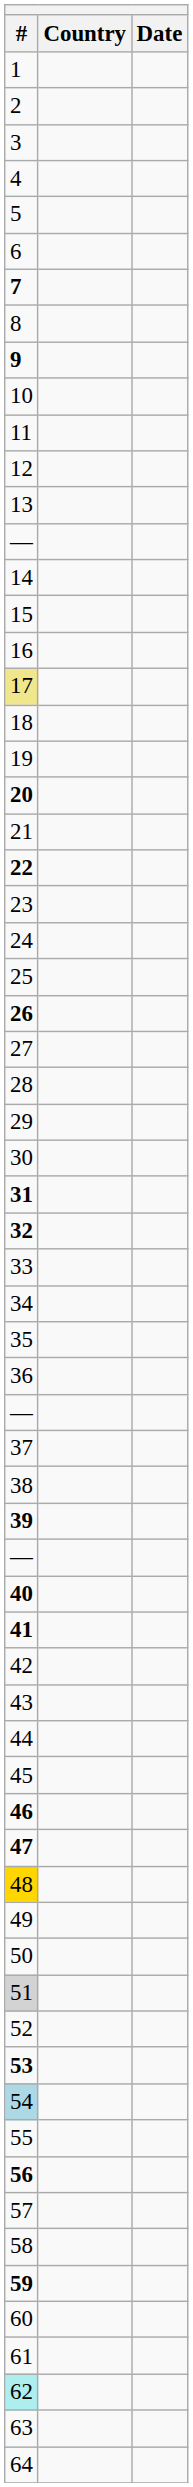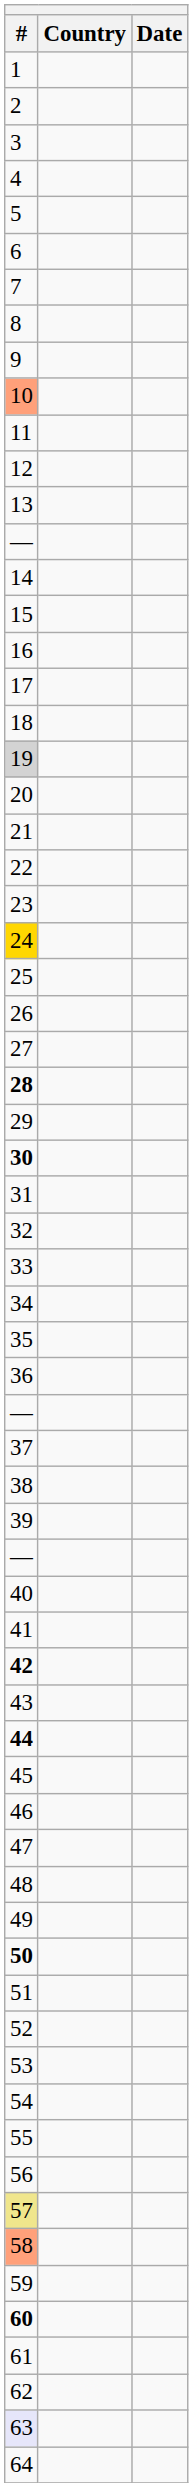 <table class="wikitable sortable">
 <tr>
 <th colspan="3"></th>
 </tr>
 <tr>
 <th>#</th>
 <th>Country</th>
 <th>Date</th>
 </tr>
 <tr>
 <td>1</td>
 <td></td>
 <td></td>
 </tr>
 <tr>
 <td>2</td>
 <td></td>
 <td></td>
 </tr>
 <tr>
 <td>3</td>
 <td></td>
 <td></td>
 </tr>
 <tr>
 <td>4</td>
 <td></td>
 <td></td>
 </tr>
 <tr>
 <td>5</td>
 <td></td>
 <td></td>
 </tr>
 <tr>
 <td>6</td>
 <td></td>
 <td></td>
 </tr>
 <tr>
-<td><strong>7</strong></td>
+<td>7</td>
 <td></td>
 <td></td>
 </tr>
 <tr>
 <td>8</td>
 <td></td>
 <td></td>
 </tr>
 <tr>
-<td><strong>9</strong></td>
+<td>9</td>
 <td></td>
 <td></td>
 </tr>
 <tr>
-<td>10</td>
+<td style="background: lightsalmon;">10</td>
 <td></td>
 <td></td>
 </tr>
 <tr>
 <td>11</td>
 <td></td>
 <td></td>
 </tr>
 <tr>
 <td>12</td>
 <td></td>
 <td></td>
 </tr>
 <tr>
 <td>13</td>
 <td></td>
 <td></td>
 </tr>
 <tr>
 <td>—</td>
 <td></td>
 <td></td>
 </tr>
 <tr>
 <td>14</td>
 <td></td>
 <td></td>
 </tr>
 <tr>
 <td>15</td>
 <td></td>
 <td></td>
 </tr>
 <tr>
 <td>16</td>
 <td></td>
 <td></td>
 </tr>
 <tr>
-<td style="background: khaki;">17</td>
+<td>17</td>
 <td></td>
 <td></td>
 </tr>
 <tr>
 <td>18</td>
 <td></td>
 <td></td>
 </tr>
 <tr>
-<td>19</td>
+<td style="background: lightgrey;">19</td>
 <td></td>
 <td></td>
 </tr>
 <tr>
-<td><strong>20</strong></td>
+<td>20</td>
 <td></td>
 <td></td>
 </tr>
 <tr>
 <td>21</td>
 <td></td>
 <td></td>
 </tr>
 <tr>
-<td><strong>22</strong></td>
+<td>22</td>
 <td></td>
 <td></td>
 </tr>
 <tr>
 <td>23</td>
 <td></td>
 <td></td>
 </tr>
 <tr>
-<td>24</td>
+<td style="background: gold;">24</td>
 <td></td>
 <td></td>
 </tr>
 <tr>
 <td>25</td>
 <td></td>
 <td></td>
 </tr>
 <tr>
-<td><strong>26</strong></td>
+<td>26</td>
 <td></td>
 <td></td>
 </tr>
 <tr>
 <td>27</td>
 <td></td>
 <td></td>
 </tr>
 <tr>
-<td>28</td>
+<td><strong>28</strong></td>
 <td></td>
 <td></td>
 </tr>
 <tr>
 <td>29</td>
 <td></td>
 <td></td>
 </tr>
 <tr>
-<td>30</td>
+<td><strong>30</strong></td>
 <td></td>
 <td></td>
 </tr>
 <tr>
-<td><strong>31</strong></td>
+<td>31</td>
 <td></td>
 <td></td>
 </tr>
 <tr>
-<td><strong>32</strong></td>
+<td>32</td>
 <td></td>
 <td></td>
 </tr>
 <tr>
 <td>33</td>
 <td></td>
 <td></td>
 </tr>
 <tr>
 <td>34</td>
 <td></td>
 <td></td>
 </tr>
 <tr>
 <td>35</td>
 <td></td>
 <td></td>
 </tr>
 <tr>
 <td>36</td>
 <td></td>
 <td></td>
 </tr>
 <tr>
 <td>—</td>
 <td></td>
 <td></td>
 </tr>
 <tr>
 <td>37</td>
 <td></td>
 <td></td>
 </tr>
 <tr>
 <td>38</td>
 <td></td>
 <td></td>
 </tr>
 <tr>
-<td><strong>39</strong></td>
+<td>39</td>
 <td></td>
 <td></td>
 </tr>
 <tr>
 <td>—</td>
 <td></td>
 <td></td>
 </tr>
 <tr>
-<td><strong>40</strong></td>
+<td>40</td>
 <td></td>
 <td></td>
 </tr>
 <tr>
-<td><strong>41</strong></td>
+<td>41</td>
 <td></td>
 <td></td>
 </tr>
 <tr>
-<td>42</td>
+<td><strong>42</strong></td>
 <td></td>
 <td></td>
 </tr>
 <tr>
 <td>43</td>
 <td></td>
 <td></td>
 </tr>
 <tr>
-<td>44</td>
+<td><strong>44</strong></td>
 <td></td>
 <td></td>
 </tr>
 <tr>
 <td>45</td>
 <td></td>
 <td></td>
 </tr>
 <tr>
-<td><strong>46</strong></td>
+<td>46</td>
 <td></td>
 <td></td>
 </tr>
 <tr>
-<td><strong>47</strong></td>
+<td>47</td>
 <td></td>
 <td></td>
 </tr>
 <tr>
-<td style="background: gold;">48</td>
+<td>48</td>
 <td></td>
 <td></td>
 </tr>
 <tr>
 <td>49</td>
 <td></td>
 <td></td>
 </tr>
 <tr>
-<td>50</td>
+<td><strong>50</strong></td>
 <td></td>
 <td></td>
 </tr>
 <tr>
-<td style="background: lightgrey;">51</td>
+<td>51</td>
 <td></td>
 <td></td>
 </tr>
 <tr>
 <td>52</td>
 <td></td>
 <td></td>
 </tr>
 <tr>
-<td><strong>53</strong></td>
+<td>53</td>
 <td></td>
 <td></td>
 </tr>
 <tr>
-<td style="background: lightblue;">54</td>
+<td>54</td>
 <td></td>
 <td></td>
 </tr>
 <tr>
 <td>55</td>
 <td></td>
 <td></td>
 </tr>
 <tr>
-<td><strong>56</strong></td>
+<td>56</td>
 <td></td>
 <td></td>
 </tr>
 <tr>
-<td>57</td>
+<td style="background: khaki;">57</td>
 <td></td>
 <td></td>
 </tr>
 <tr>
-<td>58</td>
+<td style="background: lightsalmon;">58</td>
 <td></td>
 <td></td>
 </tr>
 <tr>
-<td><strong>59</strong></td>
+<td>59</td>
 <td></td>
 <td></td>
 </tr>
 <tr>
-<td>60</td>
+<td><strong>60</strong></td>
 <td></td>
 <td></td>
 </tr>
 <tr>
 <td>61</td>
 <td></td>
 <td></td>
 </tr>
 <tr>
-<td style="background: paleturquoise;">62</td>
+<td>62</td>
 <td></td>
 <td></td>
 </tr>
 <tr>
-<td>63</td>
+<td style="background: lavender;">63</td>
 <td></td>
 <td></td>
 </tr>
 <tr>
 <td>64</td>
 <td></td>
 <td></td>
 </tr>
 </table>
